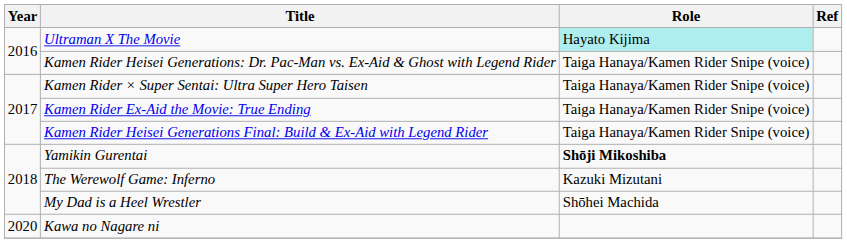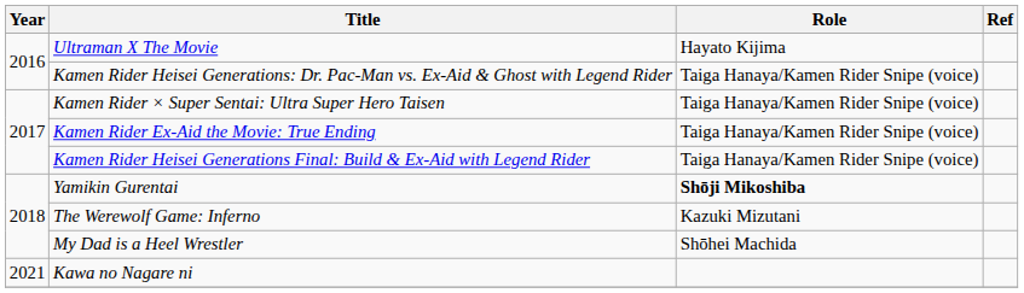 <table class="wikitable">
 <tr>
 <th>Year</th>
 <th>Title</th>
 <th>Role</th>
 <th>Ref</th>
 </tr>
 <tr>
 <td rowspan="2">2016</td>
 <td><em><a href='#'>Ultraman X The Movie</a></em></td>
-<td style="background: paleturquoise;">Hayato Kijima</td>
+<td>Hayato Kijima</td>
 <td></td>
 </tr>
 <tr>
 <td><em>Kamen Rider Heisei Generations: Dr. Pac-Man vs. Ex-Aid & Ghost with Legend Rider</em></td>
 <td>Taiga Hanaya/Kamen Rider Snipe (voice)</td>
 <td></td>
 </tr>
 <tr>
 <td rowspan="3">2017</td>
 <td><em>Kamen Rider × Super Sentai: Ultra Super Hero Taisen</em></td>
 <td>Taiga Hanaya/Kamen Rider Snipe (voice)</td>
 <td></td>
 </tr>
 <tr>
 <td><em><a href='#'>Kamen Rider Ex-Aid the Movie: True Ending</a></em></td>
 <td>Taiga Hanaya/Kamen Rider Snipe (voice)</td>
 <td></td>
 </tr>
 <tr>
 <td><em><a href='#'>Kamen Rider Heisei Generations Final: Build & Ex-Aid with Legend Rider</a></em></td>
 <td>Taiga Hanaya/Kamen Rider Snipe (voice)</td>
 <td></td>
 </tr>
 <tr>
 <td rowspan="3">2018</td>
 <td><em>Yamikin Gurentai</em></td>
 <td><strong>Shōji Mikoshiba</strong></td>
 <td></td>
 </tr>
 <tr>
 <td><em>The Werewolf Game: Inferno</em></td>
 <td>Kazuki Mizutani</td>
 <td></td>
 </tr>
 <tr>
 <td><em>My Dad is a Heel Wrestler</em></td>
 <td>Shōhei Machida</td>
 <td></td>
 </tr>
 <tr>
-<td>2020</td>
+<td>2021</td>
 <td><em>Kawa no Nagare ni</em></td>
 <td></td>
 <td></td>
 </tr>
 <tr>
 </tr>
 </table>
